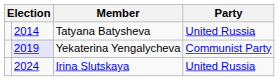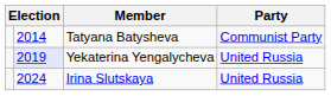 <table class="wikitable">
 <tr>
 <th colspan="2">Election</th>
 <th>Member</th>
 <th>Party</th>
 </tr>
 <tr>
 <td style="background-color:"></td>
 <td><a href='#'>2014</a></td>
 <td>Tatyana Batysheva</td>
-<td><a href='#'>United Russia</a></td>
+<td><a href='#'>Communist Party</a></td>
 </tr>
 <tr>
 <td style="background-color:"></td>
 <td style="background: lavender;"><a href='#'>2019</a></td>
 <td>Yekaterina Yengalycheva</td>
-<td><a href='#'>Communist Party</a></td>
+<td><a href='#'>United Russia</a></td>
 </tr>
 <tr>
 <td style="background-color:"></td>
 <td><a href='#'>2024</a></td>
 <td><a href='#'>Irina Slutskaya</a></td>
 <td><a href='#'>United Russia</a></td>
 </tr>
 </table>
